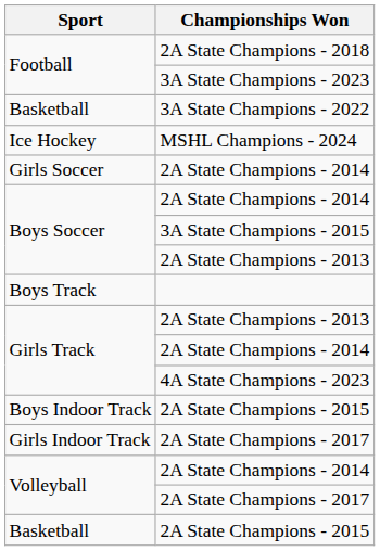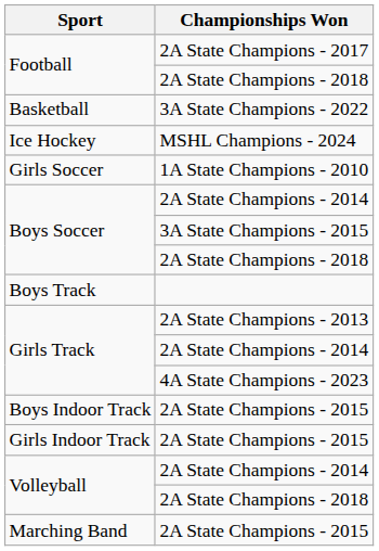 <table class="wikitable">
 <tr>
 <th>Sport</th>
 <th>Championships Won</th>
 </tr>
 <tr>
 <td rowspan=2>Football</td>
-<td>2A State Champions - 2018</td>
+<td>2A State Champions - 2017</td>
 </tr>
 <tr>
-<td>3A State Champions - 2023</td>
+<td>2A State Champions - 2018</td>
 </tr>
 <tr>
 <td>Basketball</td>
 <td>3A State Champions - 2022</td>
 </tr>
 <tr>
 <td>Ice Hockey</td>
 <td>MSHL Champions - 2024</td>
 </tr>
 <tr>
 <td>Girls Soccer</td>
-<td>2A State Champions - 2014</td>
+<td>1A State Champions - 2010</td>
 </tr>
 <tr>
 <td rowspan=3>Boys Soccer</td>
 <td>2A State Champions - 2014</td>
 </tr>
 <tr>
 <td>3A State Champions - 2015</td>
 </tr>
 <tr>
-<td>2A State Champions - 2013</td>
+<td>2A State Champions - 2018</td>
 </tr>
 <tr>
 <td>Boys Track</td>
 <td></td>
 </tr>
 <tr>
 <td rowspan=3>Girls Track</td>
 <td>2A State Champions - 2013</td>
 </tr>
 <tr>
 <td>2A State Champions - 2014</td>
 </tr>
 <tr>
 <td>4A State Champions - 2023</td>
 </tr>
 <tr>
 <td>Boys Indoor Track</td>
 <td>2A State Champions - 2015</td>
 </tr>
 <tr>
 <td>Girls Indoor Track</td>
-<td>2A State Champions - 2017</td>
+<td>2A State Champions - 2015</td>
 </tr>
 <tr>
 <td rowspan=2>Volleyball</td>
 <td>2A State Champions - 2014</td>
 </tr>
 <tr>
-<td>2A State Champions - 2017</td>
+<td>2A State Champions - 2018</td>
 </tr>
 <tr>
-<td>Basketball</td>
+<td>Marching Band</td>
 <td>2A State Champions - 2015</td>
 </tr>
 </table>
